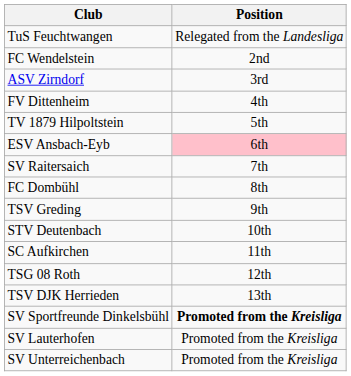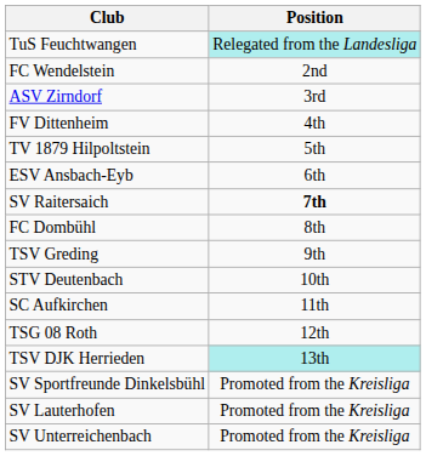 <table class="wikitable sortable" style="text-align:center">
 <tr>
 <th>Club</th>
 <th>Position</th>
 </tr>
 <tr>
 <td style="text-align:left;">TuS Feuchtwangen</td>
-<td>Relegated from the <em>Landesliga</em></td>
+<td style="background: paleturquoise;">Relegated from the <em>Landesliga</em></td>
 </tr>
 <tr>
 <td style="text-align:left;">FC Wendelstein</td>
 <td>2nd</td>
 </tr>
 <tr>
 <td style="text-align:left;"><a href='#'>ASV Zirndorf</a></td>
 <td>3rd</td>
 </tr>
 <tr>
 <td style="text-align:left;">FV Dittenheim</td>
 <td>4th</td>
 </tr>
 <tr>
 <td style="text-align:left;">TV 1879 Hilpoltstein</td>
 <td>5th</td>
 </tr>
 <tr>
 <td style="text-align:left;">ESV Ansbach-Eyb</td>
-<td style="background: pink;">6th</td>
+<td>6th</td>
 </tr>
 <tr>
 <td style="text-align:left;">SV Raitersaich</td>
-<td>7th</td>
+<td><strong>7th</strong></td>
 </tr>
 <tr>
 <td style="text-align:left;">FC Dombühl</td>
 <td>8th</td>
 </tr>
 <tr>
 <td style="text-align:left;">TSV Greding</td>
 <td>9th</td>
 </tr>
 <tr>
 <td style="text-align:left;">STV Deutenbach</td>
 <td>10th</td>
 </tr>
 <tr>
 <td style="text-align:left;">SC Aufkirchen</td>
 <td>11th</td>
 </tr>
 <tr>
 <td style="text-align:left;">TSG 08 Roth</td>
 <td>12th</td>
 </tr>
 <tr>
 <td style="text-align:left;">TSV DJK Herrieden</td>
-<td>13th</td>
+<td style="background: paleturquoise;">13th</td>
 </tr>
 <tr>
 <td style="text-align:left;">SV Sportfreunde Dinkelsbühl</td>
-<td><strong>Promoted from the <em>Kreisliga</em></strong></td>
+<td>Promoted from the <em>Kreisliga</em></td>
 </tr>
 <tr>
 <td style="text-align:left;">SV Lauterhofen</td>
 <td>Promoted from the <em>Kreisliga</em></td>
 </tr>
 <tr>
 <td style="text-align:left;">SV Unterreichenbach</td>
 <td>Promoted from the <em>Kreisliga</em></td>
 </tr>
 </table>
